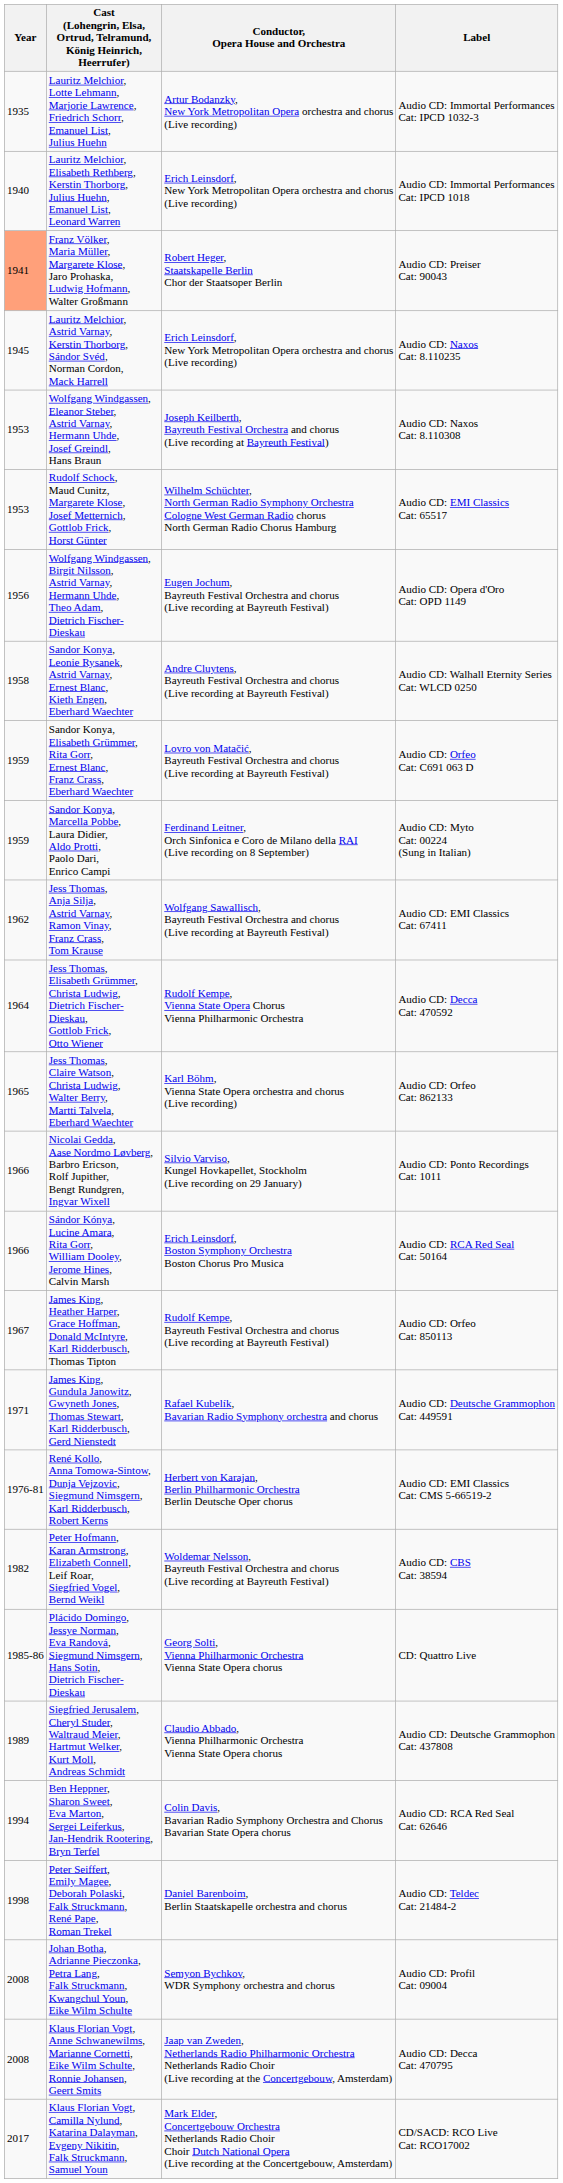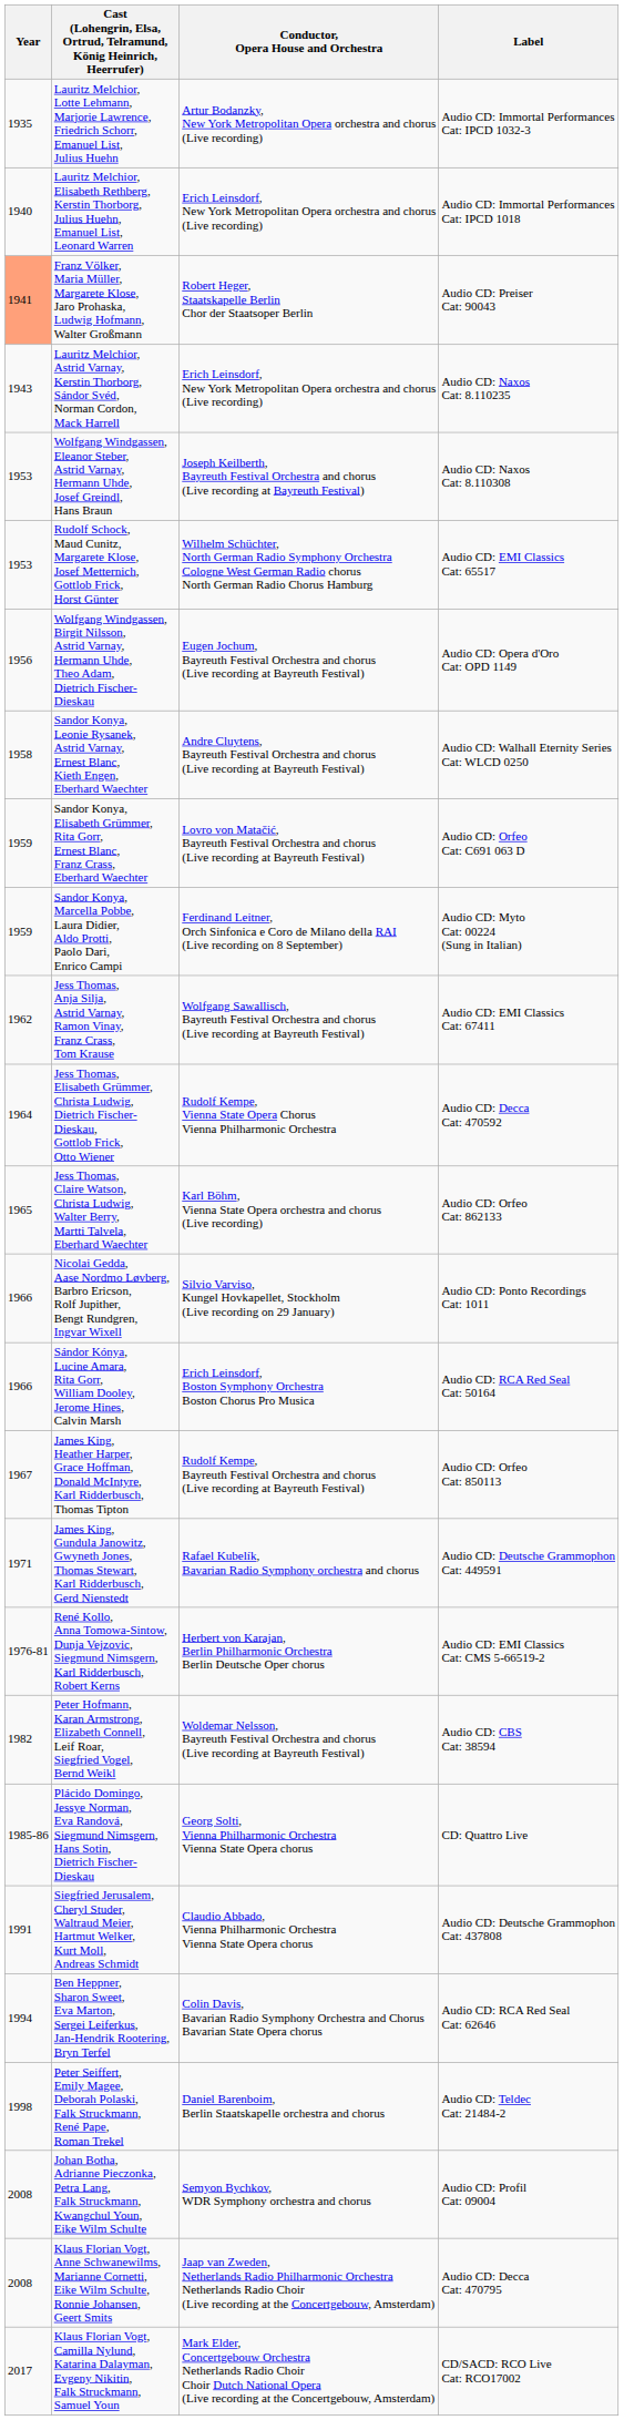 <table class="wikitable">
 <tr>
 <th>Year</th>
 <th Width="160">Cast <br>(Lohengrin, Elsa,<br>Ortrud, Telramund,<br>König Heinrich, Heerrufer)</th>
 <th>Conductor,<br>Opera House and Orchestra</th>
 <th>Label</th>
 </tr>
 <tr>
 <td>1935</td>
 <td><a href='#'>Lauritz Melchior</a>,<br><a href='#'>Lotte Lehmann</a>,<br><a href='#'>Marjorie Lawrence</a>,<br><a href='#'>Friedrich Schorr</a>,<br><a href='#'>Emanuel List</a>,<br><a href='#'>Julius Huehn</a></td>
 <td><a href='#'>Artur Bodanzky</a>,<br><a href='#'>New York Metropolitan Opera</a> orchestra and chorus<br>(Live recording)</td>
 <td>Audio CD: Immortal Performances<br>Cat: IPCD 1032-3</td>
 </tr>
 <tr>
 <td>1940</td>
 <td><a href='#'>Lauritz Melchior</a>,<br><a href='#'>Elisabeth Rethberg</a>,<br><a href='#'>Kerstin Thorborg</a>,<br><a href='#'>Julius Huehn</a>,<br><a href='#'>Emanuel List</a>,<br><a href='#'>Leonard Warren</a></td>
 <td><a href='#'>Erich Leinsdorf</a>,<br>New York Metropolitan Opera orchestra and chorus<br>(Live recording)</td>
 <td>Audio CD: Immortal Performances<br>Cat: IPCD 1018</td>
 </tr>
 <tr>
 <td style="background: lightsalmon;">1941</td>
 <td><a href='#'>Franz Völker</a>,<br><a href='#'>Maria Müller</a>,<br><a href='#'>Margarete Klose</a>,<br>Jaro Prohaska,<br><a href='#'>Ludwig Hofmann</a>,<br>Walter Großmann</td>
 <td><a href='#'>Robert Heger</a>,<br><a href='#'>Staatskapelle Berlin</a><br>Chor der Staatsoper Berlin</td>
 <td>Audio CD: Preiser<br>Cat: 90043</td>
 </tr>
 <tr>
-<td>1945</td>
+<td>1943</td>
 <td><a href='#'>Lauritz Melchior</a>,<br><a href='#'>Astrid Varnay</a>,<br><a href='#'>Kerstin Thorborg</a>,<br><a href='#'>Sándor Svéd</a>,<br>Norman Cordon,<br><a href='#'>Mack Harrell</a></td>
 <td><a href='#'>Erich Leinsdorf</a>,<br>New York Metropolitan Opera orchestra and chorus<br>(Live recording)</td>
 <td>Audio CD: <a href='#'>Naxos</a><br>Cat: 8.110235</td>
 </tr>
 <tr>
 <td>1953</td>
 <td><a href='#'>Wolfgang Windgassen</a>,<br><a href='#'>Eleanor Steber</a>,<br><a href='#'>Astrid Varnay</a>,<br><a href='#'>Hermann Uhde</a>,<br><a href='#'>Josef Greindl</a>,<br>Hans Braun</td>
 <td><a href='#'>Joseph Keilberth</a>,<br><a href='#'>Bayreuth Festival Orchestra</a> and chorus<br>(Live recording at <a href='#'>Bayreuth Festival</a>)</td>
 <td>Audio CD: Naxos<br>Cat: 8.110308</td>
 </tr>
 <tr>
 <td>1953</td>
 <td><a href='#'>Rudolf Schock</a>, <br>Maud Cunitz,<br><a href='#'>Margarete Klose</a>,<br><a href='#'>Josef Metternich</a>,<br><a href='#'>Gottlob Frick</a>,<br><a href='#'>Horst Günter</a></td>
 <td><a href='#'>Wilhelm Schüchter</a>,<br><a href='#'>North German Radio Symphony Orchestra</a><br><a href='#'>Cologne West German Radio</a> chorus<br>North German Radio Chorus Hamburg</td>
 <td>Audio CD: <a href='#'>EMI Classics</a><br>Cat: 65517</td>
 </tr>
 <tr>
 <td>1956</td>
 <td><a href='#'>Wolfgang Windgassen</a>, <br><a href='#'>Birgit Nilsson</a>,<br><a href='#'>Astrid Varnay</a>,<br><a href='#'>Hermann Uhde</a>,<br><a href='#'>Theo Adam</a>,<br><a href='#'>Dietrich Fischer-Dieskau</a></td>
 <td><a href='#'>Eugen Jochum</a>,<br>Bayreuth Festival Orchestra and chorus<br>(Live recording at Bayreuth Festival)</td>
 <td>Audio CD: Opera d'Oro<br>Cat: OPD 1149</td>
 </tr>
 <tr>
 <td>1958</td>
 <td><a href='#'>Sandor Konya</a>,<br><a href='#'>Leonie Rysanek</a>,<br><a href='#'>Astrid Varnay</a>,<br><a href='#'>Ernest Blanc</a>,<br><a href='#'>Kieth Engen</a>,<br><a href='#'>Eberhard Waechter</a></td>
 <td><a href='#'>Andre Cluytens</a>,<br>Bayreuth Festival Orchestra and chorus<br>(Live recording at Bayreuth Festival)</td>
 <td>Audio CD: Walhall Eternity Series<br>Cat: WLCD 0250</td>
 </tr>
 <tr>
 <td>1959</td>
 <td>Sandor Konya,<br><a href='#'>Elisabeth Grümmer</a>,<br><a href='#'>Rita Gorr</a>,<br><a href='#'>Ernest Blanc</a>,<br><a href='#'>Franz Crass</a>,<br><a href='#'>Eberhard Waechter</a></td>
 <td><a href='#'>Lovro von Matačić</a>,<br>Bayreuth Festival Orchestra and chorus<br>(Live recording at Bayreuth Festival)</td>
 <td>Audio CD: <a href='#'>Orfeo</a><br>Cat: C691 063 D</td>
 </tr>
 <tr>
 <td>1959</td>
 <td><a href='#'>Sandor Konya</a>,<br><a href='#'>Marcella Pobbe</a>,<br>Laura Didier,<br><a href='#'>Aldo Protti</a>,<br>Paolo Dari,<br>Enrico Campi</td>
 <td><a href='#'>Ferdinand Leitner</a>,<br>Orch Sinfonica e Coro de Milano della <a href='#'>RAI</a><br>(Live recording on 8 September)</td>
 <td>Audio CD: Myto<br>Cat: 00224<br>(Sung in Italian)</td>
 </tr>
 <tr>
 <td>1962</td>
 <td><a href='#'>Jess Thomas</a>,<br><a href='#'>Anja Silja</a>,<br><a href='#'>Astrid Varnay</a>,<br><a href='#'>Ramon Vinay</a>,<br><a href='#'>Franz Crass</a>,<br><a href='#'>Tom Krause</a></td>
 <td><a href='#'>Wolfgang Sawallisch</a>,<br>Bayreuth Festival Orchestra and chorus<br>(Live recording at Bayreuth Festival)</td>
 <td>Audio CD: EMI Classics<br>Cat: 67411</td>
 </tr>
 <tr>
 <td>1964</td>
 <td><a href='#'>Jess Thomas</a>,<br><a href='#'>Elisabeth Grümmer</a>,<br><a href='#'>Christa Ludwig</a>,<br><a href='#'>Dietrich Fischer-Dieskau</a>,<br><a href='#'>Gottlob Frick</a>,<br><a href='#'>Otto Wiener</a></td>
 <td><a href='#'>Rudolf Kempe</a>,<br><a href='#'>Vienna State Opera</a> Chorus<br>Vienna Philharmonic Orchestra</td>
 <td>Audio CD: <a href='#'>Decca</a><br>Cat: 470592</td>
 </tr>
 <tr>
 <td>1965</td>
 <td><a href='#'>Jess Thomas</a>,<br><a href='#'>Claire Watson</a>,<br><a href='#'>Christa Ludwig</a>,<br><a href='#'>Walter Berry</a>,<br><a href='#'>Martti Talvela</a>,<br><a href='#'>Eberhard Waechter</a></td>
 <td><a href='#'>Karl Böhm</a>,<br>Vienna State Opera orchestra and chorus<br>(Live recording)</td>
 <td>Audio CD: Orfeo<br>Cat: 862133</td>
 </tr>
 <tr>
 <td>1966</td>
 <td><a href='#'>Nicolai Gedda</a>,<br><a href='#'>Aase Nordmo Løvberg</a>,<br>Barbro Ericson,<br>Rolf Jupither,<br>Bengt Rundgren,<br><a href='#'>Ingvar Wixell</a></td>
 <td><a href='#'>Silvio Varviso</a>,<br>Kungel Hovkapellet, Stockholm<br>(Live recording on 29 January)</td>
 <td>Audio CD: Ponto Recordings<br>Cat: 1011</td>
 </tr>
 <tr>
 <td>1966</td>
 <td><a href='#'>Sándor Kónya</a>,<br><a href='#'>Lucine Amara</a>,<br><a href='#'>Rita Gorr</a>,<br><a href='#'>William Dooley</a>,<br><a href='#'>Jerome Hines</a>,<br>Calvin Marsh</td>
 <td><a href='#'>Erich Leinsdorf</a>,<br><a href='#'>Boston Symphony Orchestra</a><br>Boston Chorus Pro Musica</td>
 <td>Audio CD: <a href='#'>RCA Red Seal</a><br>Cat: 50164</td>
 </tr>
 <tr>
 <td>1967</td>
 <td><a href='#'>James King</a>,<br><a href='#'>Heather Harper</a>,<br><a href='#'>Grace Hoffman</a>,<br><a href='#'>Donald McIntyre</a>,<br><a href='#'>Karl Ridderbusch</a>,<br>Thomas Tipton</td>
 <td><a href='#'>Rudolf Kempe</a>,<br>Bayreuth Festival Orchestra and chorus<br>(Live recording at Bayreuth Festival)</td>
 <td>Audio CD: Orfeo<br>Cat: 850113</td>
 </tr>
 <tr>
 <td>1971</td>
 <td><a href='#'>James King</a>,<br><a href='#'>Gundula Janowitz</a>,<br><a href='#'>Gwyneth Jones</a>,<br><a href='#'>Thomas Stewart</a>,<br><a href='#'>Karl Ridderbusch</a>,<br><a href='#'>Gerd Nienstedt</a></td>
 <td><a href='#'>Rafael Kubelík</a>,<br><a href='#'>Bavarian Radio Symphony orchestra</a> and chorus</td>
 <td>Audio CD: <a href='#'>Deutsche Grammophon</a><br>Cat: 449591</td>
 </tr>
 <tr>
 <td>1976-81</td>
 <td><a href='#'>René Kollo</a>,<br><a href='#'>Anna Tomowa-Sintow</a>,<br><a href='#'>Dunja Vejzovic</a>,<br><a href='#'>Siegmund Nimsgern</a>,<br><a href='#'>Karl Ridderbusch</a>,<br><a href='#'>Robert Kerns</a></td>
 <td><a href='#'>Herbert von Karajan</a>,<br><a href='#'>Berlin Philharmonic Orchestra</a><br>Berlin Deutsche Oper chorus</td>
 <td>Audio CD: EMI Classics<br>Cat: CMS 5-66519-2</td>
 </tr>
 <tr>
 <td>1982</td>
 <td><a href='#'>Peter Hofmann</a>,<br><a href='#'>Karan Armstrong</a>,<br><a href='#'>Elizabeth Connell</a>,<br>Leif Roar,<br><a href='#'>Siegfried Vogel</a>,<br><a href='#'>Bernd Weikl</a></td>
 <td><a href='#'>Woldemar Nelsson</a>,<br>Bayreuth Festival Orchestra and chorus<br>(Live recording at Bayreuth Festival)</td>
 <td>Audio CD: <a href='#'>CBS</a><br>Cat: 38594</td>
 </tr>
 <tr>
 <td>1985-86</td>
 <td><a href='#'>Plácido Domingo</a>,<br><a href='#'>Jessye Norman</a>,<br><a href='#'>Eva Randová</a>,<br><a href='#'>Siegmund Nimsgern</a>,<br><a href='#'>Hans Sotin</a>,<br><a href='#'>Dietrich Fischer-Dieskau</a></td>
 <td><a href='#'>Georg Solti</a>,<br><a href='#'>Vienna Philharmonic Orchestra</a><br>Vienna State Opera chorus</td>
 <td>CD: Quattro Live</td>
 </tr>
 <tr>
-<td>1989</td>
+<td>1991</td>
 <td><a href='#'>Siegfried Jerusalem</a>,<br><a href='#'>Cheryl Studer</a>,<br><a href='#'>Waltraud Meier</a>,<br><a href='#'>Hartmut Welker</a>,<br><a href='#'>Kurt Moll</a>,<br><a href='#'>Andreas Schmidt</a></td>
 <td><a href='#'>Claudio Abbado</a>,<br>Vienna Philharmonic Orchestra<br>Vienna State Opera chorus</td>
 <td>Audio CD: Deutsche Grammophon<br>Cat: 437808</td>
 </tr>
 <tr>
 <td>1994</td>
 <td><a href='#'>Ben Heppner</a>,<br><a href='#'>Sharon Sweet</a>,<br><a href='#'>Eva Marton</a>,<br><a href='#'>Sergei Leiferkus</a>,<br><a href='#'>Jan-Hendrik Rootering</a>,<br><a href='#'>Bryn Terfel</a></td>
 <td><a href='#'>Colin Davis</a>,<br>Bavarian Radio Symphony Orchestra and Chorus<br>Bavarian State Opera chorus</td>
 <td>Audio CD: RCA Red Seal<br>Cat: 62646</td>
 </tr>
 <tr>
 <td>1998</td>
 <td><a href='#'>Peter Seiffert</a>,<br><a href='#'>Emily Magee</a>,<br><a href='#'>Deborah Polaski</a>,<br><a href='#'>Falk Struckmann</a>,<br><a href='#'>René Pape</a>,<br><a href='#'>Roman Trekel</a></td>
 <td><a href='#'>Daniel Barenboim</a>,<br>Berlin Staatskapelle orchestra and chorus</td>
 <td>Audio CD: <a href='#'>Teldec</a><br>Cat: 21484-2</td>
 </tr>
 <tr>
 <td>2008</td>
 <td><a href='#'>Johan Botha</a>,<br><a href='#'>Adrianne Pieczonka</a>,<br><a href='#'>Petra Lang</a>,<br><a href='#'>Falk Struckmann</a>,<br><a href='#'>Kwangchul Youn</a>,<br><a href='#'>Eike Wilm Schulte</a></td>
 <td><a href='#'>Semyon Bychkov</a>,<br>WDR Symphony orchestra and chorus</td>
 <td>Audio CD: Profil<br>Cat: 09004</td>
 </tr>
 <tr>
 <td>2008</td>
 <td><a href='#'>Klaus Florian Vogt</a>,<br><a href='#'>Anne Schwanewilms</a>,<br><a href='#'>Marianne Cornetti</a>,<br><a href='#'>Eike Wilm Schulte</a>,<br><a href='#'>Ronnie Johansen</a>,<br><a href='#'>Geert Smits</a></td>
 <td><a href='#'>Jaap van Zweden</a>, <br><a href='#'>Netherlands Radio Philharmonic Orchestra</a><br>Netherlands Radio Choir<br>(Live recording at the <a href='#'>Concertgebouw</a>, Amsterdam)</td>
 <td>Audio CD: Decca<br>Cat: 470795</td>
 </tr>
 <tr>
 <td>2017</td>
 <td><a href='#'>Klaus Florian Vogt</a>,<br><a href='#'>Camilla Nylund</a>,<br><a href='#'>Katarina Dalayman</a>,<br><a href='#'>Evgeny Nikitin</a>,<br><a href='#'>Falk Struckmann</a>,<br><a href='#'>Samuel Youn</a></td>
 <td><a href='#'>Mark Elder</a>, <br><a href='#'>Concertgebouw Orchestra</a><br>Netherlands Radio Choir<br>Choir <a href='#'>Dutch National Opera</a><br>(Live recording at the Concertgebouw, Amsterdam)</td>
 <td>CD/SACD: RCO Live<br>Cat: RCO17002</td>
 </tr>
 </table>
